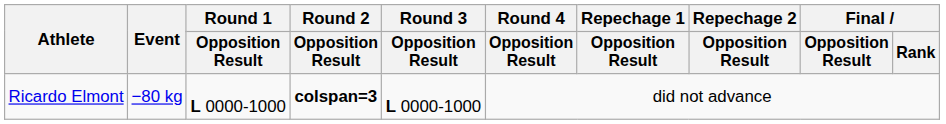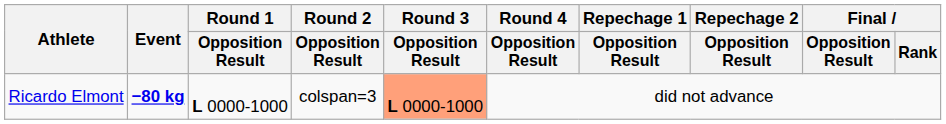 <table class="wikitable" style="font-size:90%">
 <tr>
 <th rowspan="2">Athlete</th>
 <th rowspan="2">Event</th>
 <th>Round 1</th>
 <th>Round 2</th>
 <th>Round 3</th>
 <th>Round 4</th>
 <th>Repechage 1</th>
 <th>Repechage 2</th>
 <th colspan=2>Final / </th>
 </tr>
 <tr style="font-size:95%">
 <th>Opposition<br>Result</th>
 <th>Opposition<br>Result</th>
 <th>Opposition<br>Result</th>
 <th>Opposition<br>Result</th>
 <th>Opposition<br>Result</th>
 <th>Opposition<br>Result</th>
 <th>Opposition<br>Result</th>
 <th>Rank</th>
 </tr>
 <tr align=center>
 <td align=left><a href='#'>Ricardo Elmont</a></td>
-<td align=left><a href='#'>−80 kg</a></td>
+<td align=left><strong><a href='#'>−80 kg</a></strong></td>
 <td><br><strong>L</strong> 0000-1000</td>
-<td><strong>colspan=3 </strong></td>
-<td><br><strong>L</strong> 0000-1000</td>
+<td>colspan=3 </td>
+<td style="background: lightsalmon;"><br><strong>L</strong> 0000-1000</td>
 <td colspan=7>did not advance</td>
 </tr>
 </table>
